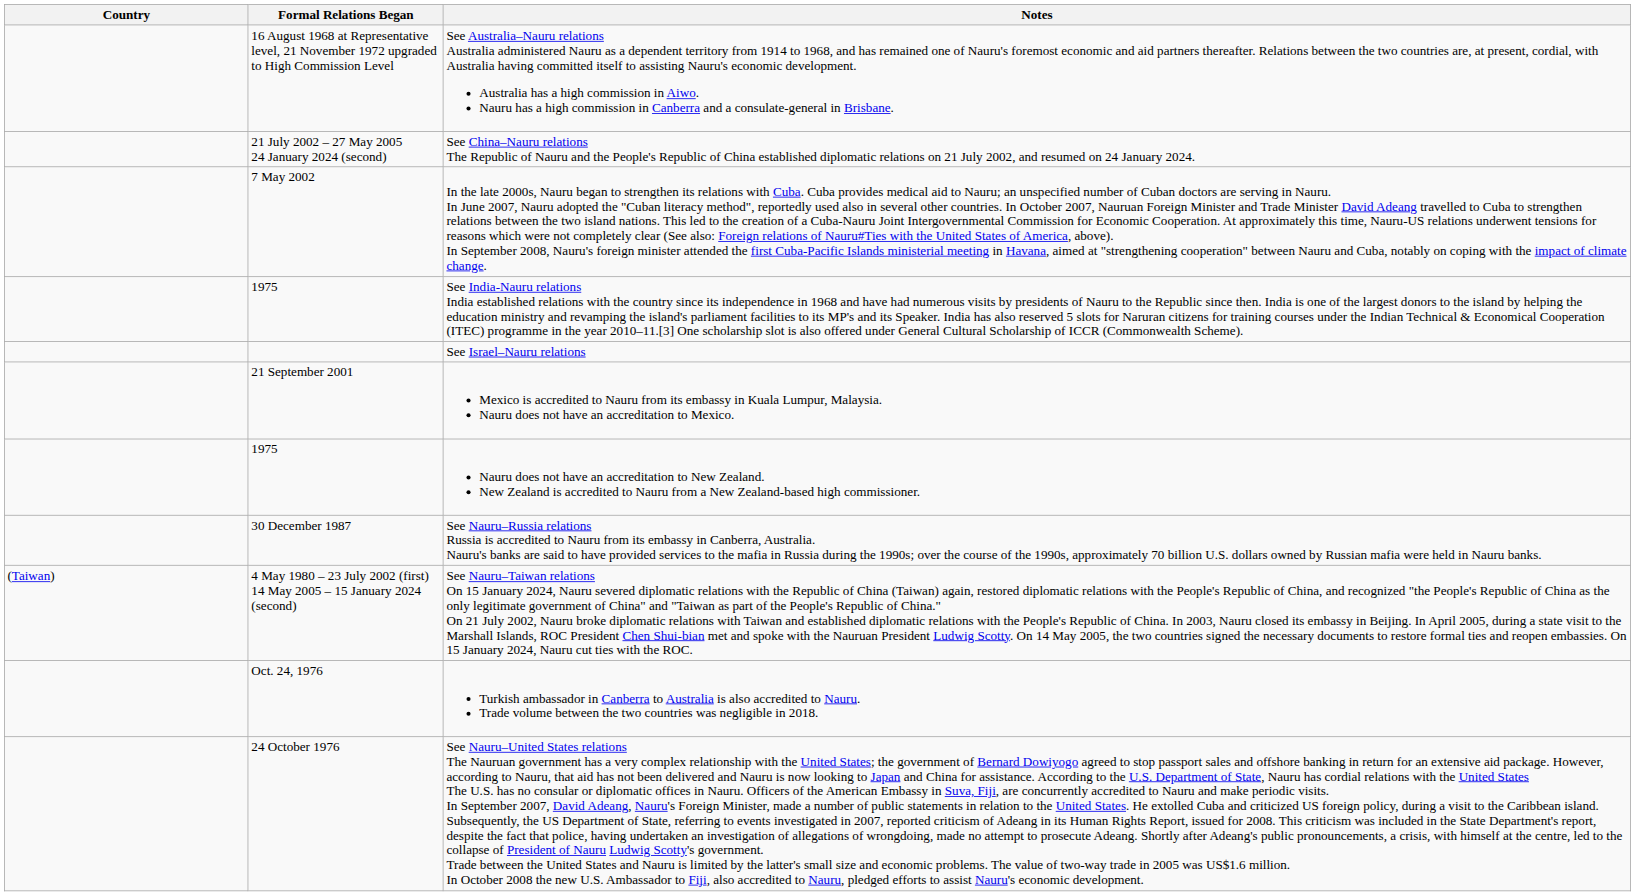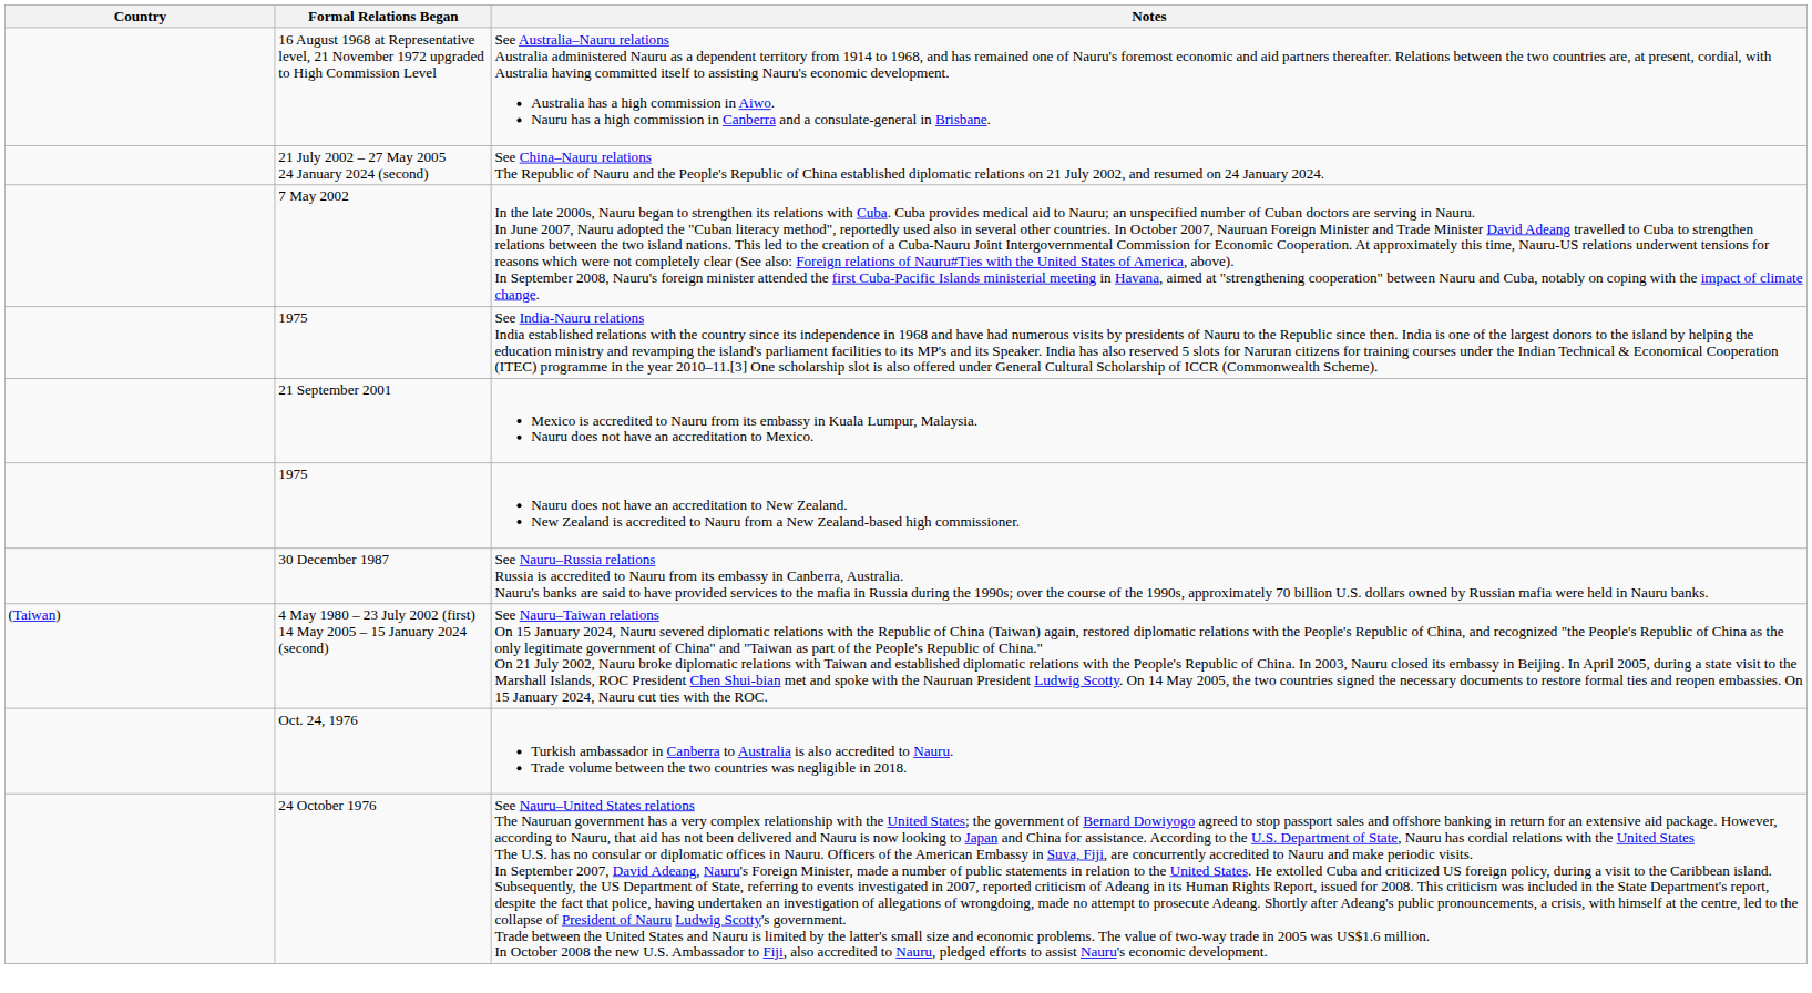 <table class="wikitable sortable" style="width:100%; margin:auto;">
 <tr>
 <th style="width:15%;">Country</th>
 <th style="width:12%;">Formal Relations Began</th>
 <th>Notes</th>
 </tr>
 <tr valign="top">
 <td></td>
 <td>16 August 1968 at Representative level, 21 November 1972 upgraded to High Commission Level</td>
 <td>See <a href='#'>Australia–Nauru relations</a><br>Australia administered Nauru as a dependent territory from 1914 to 1968, and has remained one of Nauru's foremost economic and aid partners thereafter. Relations between the two countries are, at present, cordial, with Australia having committed itself to assisting Nauru's economic development.<ul><li>Australia has a high commission in <a href='#'>Aiwo</a>.</li><li>Nauru has a high commission in <a href='#'>Canberra</a> and a consulate-general in <a href='#'>Brisbane</a>.</li></ul></td>
 </tr>
 <tr valign="top">
 <td></td>
 <td>21 July 2002 – 27 May 2005<br>24 January 2024 (second)</td>
 <td>See <a href='#'>China–Nauru relations</a><br>The Republic of Nauru and the People's Republic of China established diplomatic relations on 21 July 2002, and resumed on 24 January 2024.</td>
 </tr>
 <tr valign="top">
 <td></td>
 <td>7 May 2002</td>
 <td><br>In the late 2000s, Nauru began to strengthen its relations with <a href='#'>Cuba</a>. Cuba provides medical aid to Nauru; an unspecified number of Cuban doctors are serving in Nauru.<br>In June 2007, Nauru adopted the "Cuban literacy method", reportedly used also in several other countries. In October 2007, Nauruan Foreign Minister and Trade Minister <a href='#'>David Adeang</a> travelled to Cuba to strengthen relations between the two island nations. This led to the creation of a Cuba-Nauru Joint Intergovernmental Commission for Economic Cooperation. At approximately this time, Nauru-US relations underwent tensions for reasons which were not completely clear (See also: <a href='#'>Foreign relations of Nauru#Ties with the United States of America</a>, above).<br>In September 2008, Nauru's foreign minister attended the <a href='#'>first Cuba-Pacific Islands ministerial meeting</a> in <a href='#'>Havana</a>, aimed at "strengthening cooperation" between Nauru and Cuba, notably on coping with the <a href='#'>impact of climate change</a>.</td>
 </tr>
 <tr valign="top">
 <td></td>
 <td>1975</td>
 <td>See <a href='#'>India-Nauru relations</a><br>India established relations with the country since its independence in 1968 and have had numerous visits by presidents of Nauru to the Republic since then. India is one of the largest donors to the island by helping the education ministry and revamping the island's parliament facilities to its MP's and its Speaker. India has also reserved 5 slots for Naruran citizens for training courses under the Indian Technical & Economical Cooperation (ITEC) programme in the year 2010–11.[3] One scholarship slot is also offered under General Cultural Scholarship of ICCR (Commonwealth Scheme).</td>
-</tr>
-<tr valign="top">
-<td></td>
-<td></td>
-<td>See <a href='#'>Israel–Nauru relations</a></td>
 </tr>
 <tr valign="top">
 <td></td>
 <td>21 September 2001</td>
 <td><br><ul><li>Mexico is accredited to Nauru from its embassy in Kuala Lumpur, Malaysia.</li><li>Nauru does not have an accreditation to Mexico.</li></ul></td>
 </tr>
 <tr valign="top">
 <td></td>
 <td>1975</td>
 <td><br><ul><li>Nauru does not have an accreditation to New Zealand.</li><li>New Zealand is accredited to Nauru from a New Zealand-based high commissioner.</li></ul></td>
 </tr>
 <tr valign="top">
 <td></td>
 <td>30 December 1987</td>
 <td>See <a href='#'>Nauru–Russia relations</a><br>Russia is accredited to Nauru from its embassy in Canberra, Australia.<br>Nauru's banks are said to have provided services to the mafia in Russia during the 1990s; over the course of the 1990s, approximately 70 billion U.S. dollars owned by Russian mafia were held in Nauru banks.</td>
 </tr>
 <tr valign="top">
 <td> (<a href='#'>Taiwan</a>)</td>
 <td>4 May 1980 – 23 July 2002 (first)<br>14 May 2005 – 15 January 2024 (second)</td>
 <td>See <a href='#'>Nauru–Taiwan relations</a><br> On 15 January 2024, Nauru severed diplomatic relations with the Republic of China (Taiwan) again, restored diplomatic relations with the People's Republic of China, and recognized "the People's Republic of China as the only legitimate government of China" and "Taiwan as part of the People's Republic of China."<br>On 21 July 2002, Nauru broke diplomatic relations with Taiwan and established diplomatic relations with the People's Republic of China. In 2003, Nauru closed its embassy in Beijing. In April 2005, during a state visit to the Marshall Islands, ROC President <a href='#'>Chen Shui-bian</a> met and spoke with the Nauruan President <a href='#'>Ludwig Scotty</a>. On 14 May 2005, the two countries signed the necessary documents to restore formal ties and reopen embassies. On 15 January 2024, Nauru cut ties with the ROC.</td>
 </tr>
 <tr valign="top">
 <td></td>
 <td>Oct. 24, 1976</td>
 <td><br><ul><li>Turkish ambassador in <a href='#'>Canberra</a> to <a href='#'>Australia</a> is also accredited to <a href='#'>Nauru</a>.</li><li>Trade volume between the two countries was negligible in 2018.</li></ul></td>
 </tr>
 <tr valign="top">
 <td></td>
 <td>24 October 1976</td>
 <td>See <a href='#'>Nauru–United States relations</a><br>The Nauruan government has a very complex relationship with the <a href='#'>United States</a>; the government of <a href='#'>Bernard Dowiyogo</a> agreed to stop passport sales and offshore banking in return for an extensive aid package. However, according to Nauru, that aid has not been delivered and Nauru is now looking to <a href='#'>Japan</a> and China for assistance. According to the <a href='#'>U.S. Department of State</a>, Nauru has cordial relations with the <a href='#'>United States</a><br>The U.S. has no consular or diplomatic offices in Nauru. Officers of the American Embassy in <a href='#'>Suva, Fiji</a>, are concurrently accredited to Nauru and make periodic visits.<br>In September 2007, <a href='#'>David Adeang</a>, <a href='#'>Nauru</a>'s Foreign Minister, made a number of public statements in relation to the <a href='#'>United States</a>. He extolled Cuba and criticized US foreign policy, during a visit to the Caribbean island. Subsequently, the US Department of State, referring to events investigated in 2007, reported criticism of Adeang in its Human Rights Report, issued for 2008. This criticism was included in the State Department's report, despite the fact that police, having undertaken an investigation of allegations of wrongdoing, made no attempt to prosecute Adeang. Shortly after Adeang's public pronouncements, a crisis, with himself at the centre, led to the collapse of <a href='#'>President of Nauru</a> <a href='#'>Ludwig Scotty</a>'s government.<br>Trade between the United States and Nauru is limited by the latter's small size and economic problems. The value of two-way trade in 2005 was US$1.6 million.<br>In October 2008 the new U.S. Ambassador to <a href='#'>Fiji</a>, also accredited to <a href='#'>Nauru</a>, pledged efforts to assist <a href='#'>Nauru</a>'s economic development.</td>
 </tr>
 </table>
